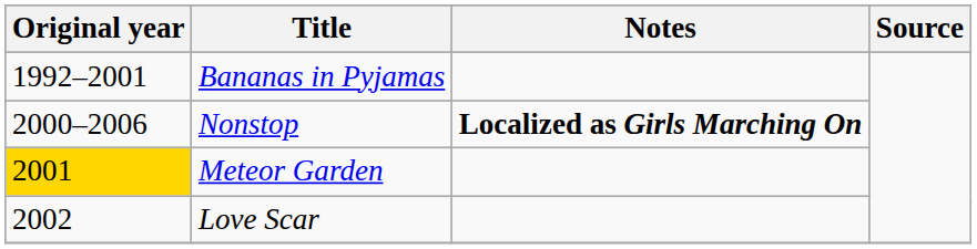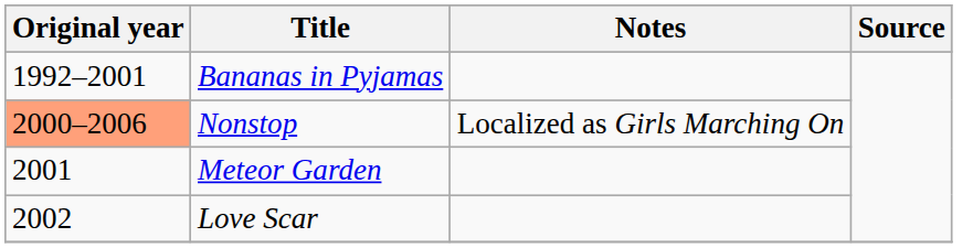 <table class="wikitable">
 <tr style="background:#ccc; text-align:center;">
 <th>Original year</th>
 <th>Title</th>
 <th>Notes</th>
 <th>Source</th>
 </tr>
 <tr>
 <td>1992–2001</td>
 <td><em><a href='#'>Bananas in Pyjamas</a></em></td>
 <td></td>
 <td rowspan=4></td>
 </tr>
 <tr>
-<td>2000–2006</td>
+<td style="background: lightsalmon;">2000–2006</td>
 <td><em><a href='#'>Nonstop</a></em></td>
-<td><strong>Localized as <em>Girls Marching On</em></strong></td>
+<td>Localized as <em>Girls Marching On</em></td>
 </tr>
 <tr>
-<td style="background: gold;">2001</td>
+<td>2001</td>
 <td><em><a href='#'>Meteor Garden</a></em></td>
 <td></td>
 </tr>
 <tr>
 <td>2002</td>
 <td><em>Love Scar</em></td>
 <td></td>
 </tr>
 <tr>
 </tr>
 </table>
